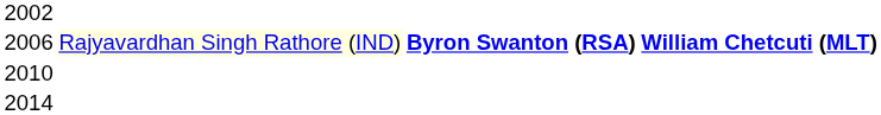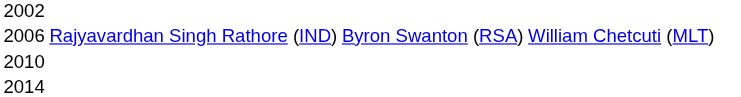 <table>
 <tr>
 <td>2002</td>
 <td></td>
 <td></td>
 <td></td>
 </tr>
 <tr>
 <td>2006</td>
-<td style="background: lightyellow;"> <a href='#'>Rajyavardhan Singh Rathore</a> (<a href='#'>IND</a>)</td>
-<td><strong> <a href='#'>Byron Swanton</a> (<a href='#'>RSA</a>)</strong></td>
-<td><strong> <a href='#'>William Chetcuti</a> (<a href='#'>MLT</a>)</strong></td>
+<td> <a href='#'>Rajyavardhan Singh Rathore</a> (<a href='#'>IND</a>)</td>
+<td> <a href='#'>Byron Swanton</a> (<a href='#'>RSA</a>)</td>
+<td> <a href='#'>William Chetcuti</a> (<a href='#'>MLT</a>)</td>
 </tr>
 <tr>
 <td>2010<br></td>
 <td></td>
 <td></td>
 <td></td>
 </tr>
 <tr>
 <td>2014<br></td>
 <td></td>
 <td></td>
 <td></td>
 </tr>
 </table>
